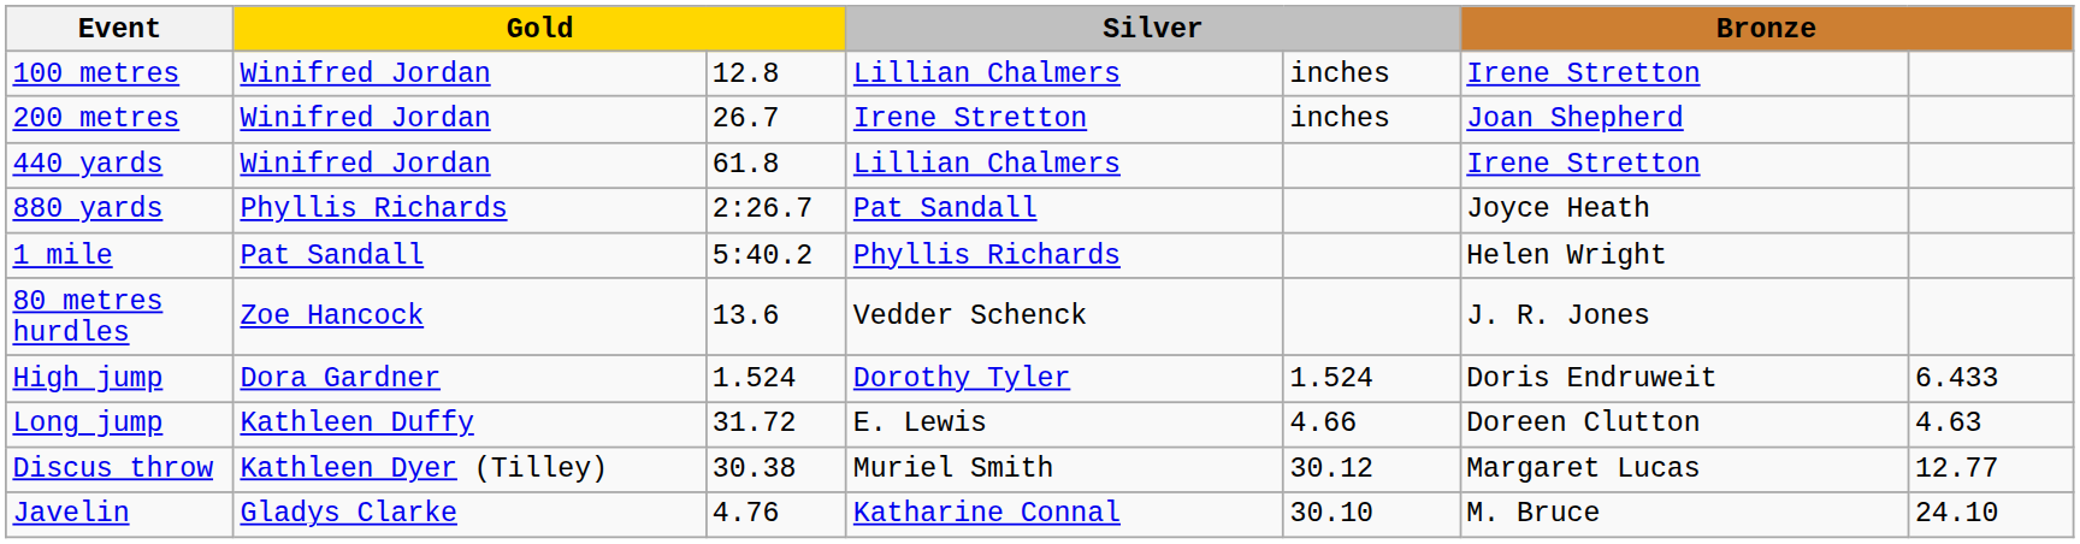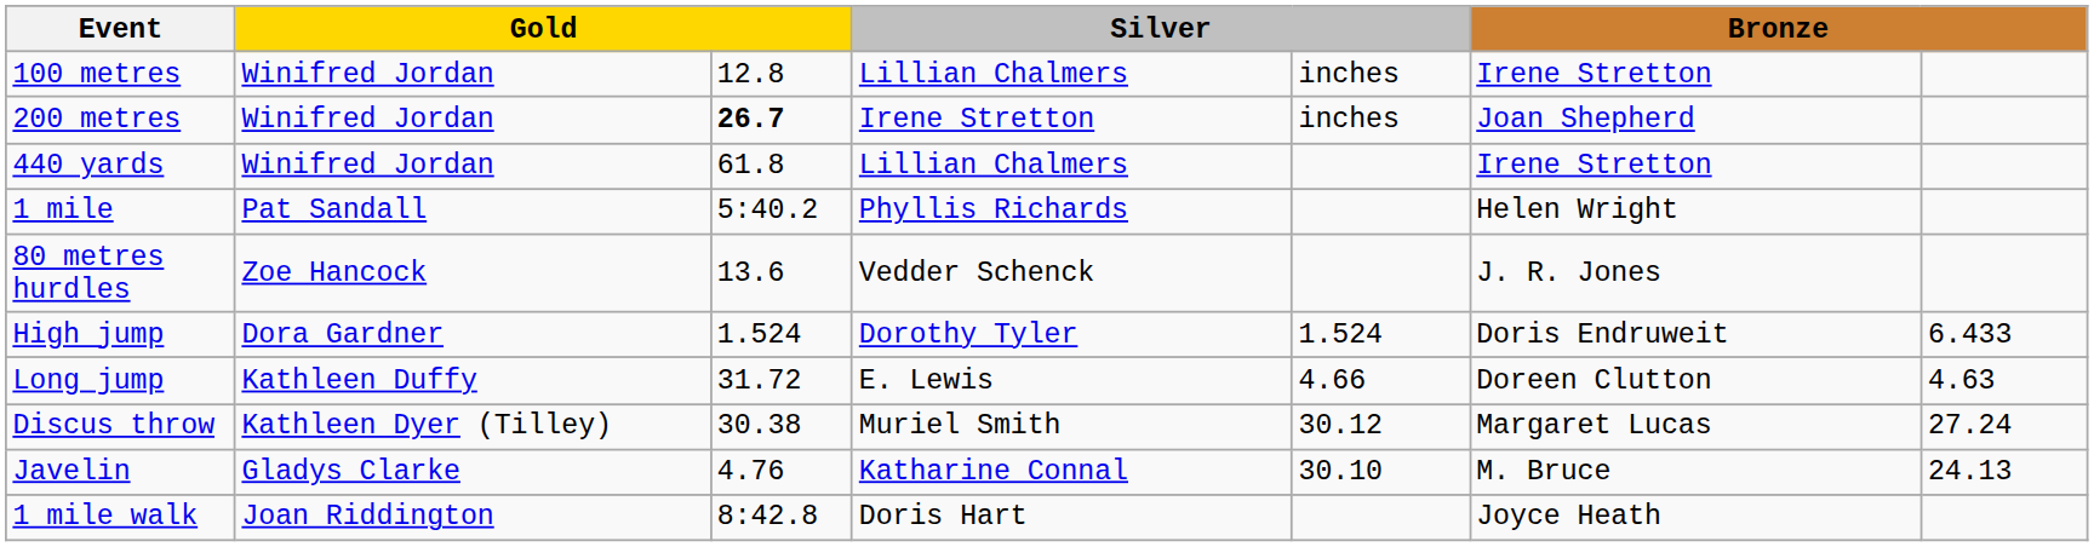 <table class="wikitable" style="text-align:left">
 <tr>
 <th width=100>Event</th>
 <th colspan="2" width="280" style="background:gold;">Gold</th>
 <th colspan="2" width="280" style="background:silver;">Silver</th>
 <th colspan="2" width="280" style="background:#CD7F32;">Bronze</th>
 </tr>
 <tr>
 <td><a href='#'>100 metres</a></td>
 <td><a href='#'>Winifred Jordan</a></td>
 <td>12.8</td>
 <td><a href='#'>Lillian Chalmers</a></td>
 <td>inches</td>
 <td><a href='#'>Irene Stretton</a></td>
 <td></td>
 </tr>
 <tr>
 <td><a href='#'>200 metres</a></td>
 <td><a href='#'>Winifred Jordan</a></td>
-<td>26.7</td>
+<td><strong>26.7</strong></td>
 <td><a href='#'>Irene Stretton</a></td>
 <td>inches</td>
 <td><a href='#'>Joan Shepherd</a></td>
 <td></td>
 </tr>
 <tr>
 <td><a href='#'>440 yards</a></td>
 <td><a href='#'>Winifred Jordan</a></td>
 <td>61.8</td>
 <td><a href='#'>Lillian Chalmers</a></td>
 <td></td>
 <td><a href='#'>Irene Stretton</a></td>
-<td></td>
-</tr>
-<tr>
-<td><a href='#'>880 yards</a></td>
-<td><a href='#'>Phyllis Richards</a></td>
-<td>2:26.7</td>
-<td><a href='#'>Pat Sandall</a></td>
-<td></td>
-<td>Joyce Heath</td>
 <td></td>
 </tr>
 <tr>
 <td><a href='#'>1 mile</a></td>
 <td><a href='#'>Pat Sandall</a></td>
 <td>5:40.2</td>
 <td><a href='#'>Phyllis Richards</a></td>
 <td></td>
 <td>Helen Wright</td>
 <td></td>
 </tr>
 <tr>
 <td><a href='#'>80 metres hurdles</a></td>
 <td><a href='#'>Zoe Hancock</a></td>
 <td>13.6</td>
 <td>Vedder Schenck</td>
 <td></td>
 <td>J. R. Jones</td>
 <td></td>
 </tr>
 <tr>
 <td><a href='#'>High jump</a></td>
 <td><a href='#'>Dora Gardner</a></td>
 <td>1.524</td>
 <td><a href='#'>Dorothy Tyler</a></td>
 <td>1.524</td>
 <td>Doris Endruweit</td>
 <td>6.433</td>
 </tr>
 <tr>
 <td><a href='#'>Long jump</a></td>
 <td><a href='#'>Kathleen Duffy</a></td>
 <td>31.72</td>
 <td>E. Lewis</td>
 <td>4.66</td>
 <td>Doreen Clutton</td>
 <td>4.63</td>
 </tr>
 <tr>
 <td><a href='#'>Discus throw</a></td>
 <td><a href='#'>Kathleen Dyer</a> (Tilley)</td>
 <td>30.38</td>
 <td>Muriel Smith</td>
 <td>30.12</td>
 <td>Margaret Lucas</td>
-<td>12.77</td>
+<td>27.24</td>
 </tr>
 <tr>
 <td><a href='#'>Javelin</a></td>
 <td><a href='#'>Gladys Clarke</a></td>
 <td>4.76</td>
 <td><a href='#'>Katharine Connal</a></td>
 <td>30.10</td>
 <td>M. Bruce</td>
-<td>24.10</td>
+<td>24.13</td>
+</tr>
+<tr>
+<td><a href='#'>1 mile walk</a></td>
+<td><a href='#'>Joan Riddington</a></td>
+<td>8:42.8</td>
+<td>Doris Hart</td>
+<td></td>
+<td>Joyce Heath</td>
+<td></td>
 </tr>
 </table>
